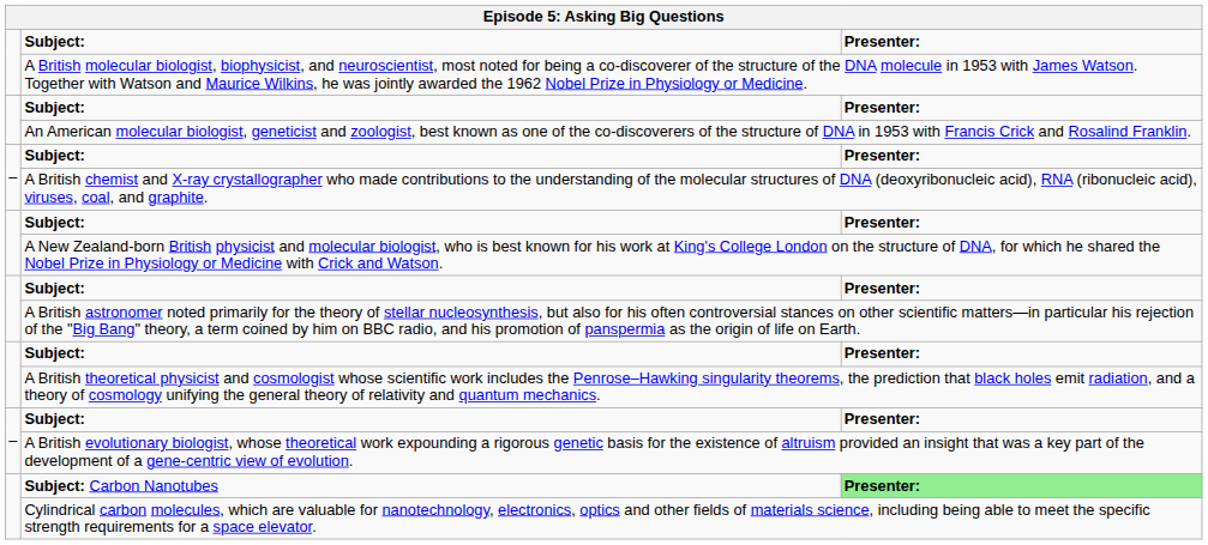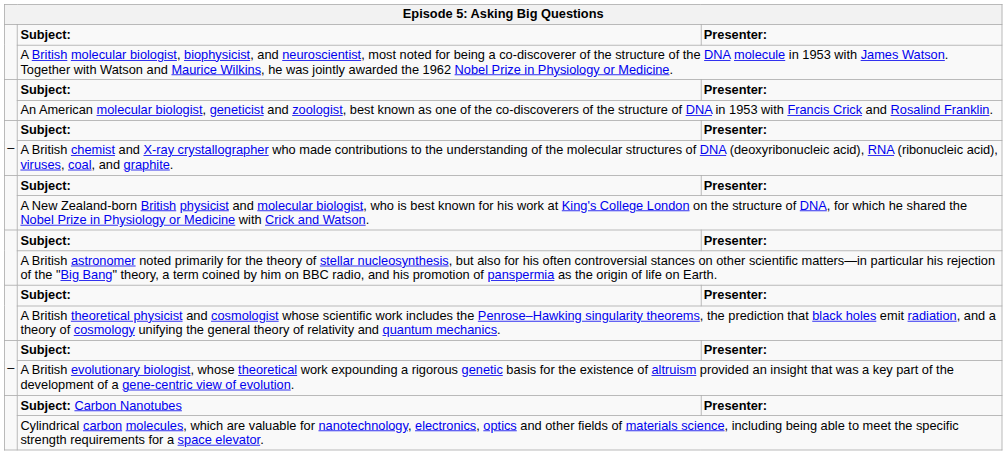 <table class="wikitable">
 <tr>
 <th colspan=3>Episode 5: Asking Big Questions</th>
 </tr>
 <tr>
 <td rowspan=2></td>
 <td><strong>Subject:</strong> </td>
 <td><strong>Presenter:</strong> </td>
 </tr>
 <tr>
 <td colspan=3>A <a href='#'>British</a> <a href='#'>molecular biologist</a>, <a href='#'>biophysicist</a>, and <a href='#'>neuroscientist</a>, most noted for being a co-discoverer of the structure of the <a href='#'>DNA</a> <a href='#'>molecule</a> in 1953 with <a href='#'>James Watson</a>. Together with Watson and <a href='#'>Maurice Wilkins</a>, he was jointly awarded the 1962 <a href='#'>Nobel Prize in Physiology or Medicine</a>.</td>
 </tr>
 <tr>
 <td rowspan=2></td>
 <td><strong>Subject:</strong> </td>
 <td><strong>Presenter:</strong> </td>
 </tr>
 <tr>
 <td colspan=3>An American <a href='#'>molecular biologist</a>, <a href='#'>geneticist</a> and <a href='#'>zoologist</a>, best known as one of the co-discoverers of the structure of <a href='#'>DNA</a> in 1953 with <a href='#'>Francis Crick</a> and <a href='#'>Rosalind Franklin</a>.</td>
 </tr>
 <tr>
 <td rowspan=2>–</td>
 <td><strong>Subject:</strong> </td>
 <td><strong>Presenter:</strong> </td>
 </tr>
 <tr>
 <td colspan=3>A British <a href='#'>chemist</a> and <a href='#'>X-ray crystallographer</a> who made contributions to the understanding of the molecular structures of <a href='#'>DNA</a> (deoxyribonucleic acid), <a href='#'>RNA</a> (ribonucleic acid), <a href='#'>viruses</a>, <a href='#'>coal</a>, and <a href='#'>graphite</a>.</td>
 </tr>
 <tr>
 <td rowspan=2></td>
 <td><strong>Subject:</strong> </td>
 <td><strong>Presenter:</strong> </td>
 </tr>
 <tr>
 <td colspan=3>A New Zealand-born <a href='#'>British</a> <a href='#'>physicist</a> and <a href='#'>molecular biologist</a>, who is best known for his work at <a href='#'>King's College London</a> on the structure of <a href='#'>DNA</a>, for which he shared the <a href='#'>Nobel Prize in Physiology or Medicine</a> with <a href='#'>Crick and Watson</a>.</td>
 </tr>
 <tr>
 <td rowspan=2></td>
 <td><strong>Subject:</strong> </td>
 <td><strong>Presenter:</strong> </td>
 </tr>
 <tr>
 <td colspan=3>A British <a href='#'>astronomer</a> noted primarily for the theory of <a href='#'>stellar nucleosynthesis</a>, but also for his often controversial stances on other scientific matters—in particular his rejection of the "<a href='#'>Big Bang</a>" theory, a term coined by him on BBC radio, and his promotion of <a href='#'>panspermia</a> as the origin of life on Earth.</td>
 </tr>
 <tr>
 <td rowspan=2></td>
 <td><strong>Subject:</strong> </td>
 <td><strong>Presenter:</strong> </td>
 </tr>
 <tr>
 <td colspan=3>A British <a href='#'>theoretical physicist</a> and <a href='#'>cosmologist</a> whose scientific work includes the <a href='#'>Penrose–Hawking singularity theorems</a>, the prediction that <a href='#'>black holes</a> emit <a href='#'>radiation</a>, and a theory of <a href='#'>cosmology</a> unifying the general theory of relativity and <a href='#'>quantum mechanics</a>.</td>
 </tr>
 <tr>
 <td rowspan=2>–</td>
 <td><strong>Subject:</strong> </td>
 <td><strong>Presenter:</strong> </td>
 </tr>
 <tr>
 <td colspan=3>A British <a href='#'>evolutionary biologist</a>, whose <a href='#'>theoretical</a> work expounding a rigorous <a href='#'>genetic</a> basis for the existence of <a href='#'>altruism</a> provided an insight that was a key part of the development of a <a href='#'>gene-centric view of evolution</a>.</td>
 </tr>
 <tr>
 <td rowspan=2></td>
 <td><strong>Subject:</strong> <a href='#'>Carbon Nanotubes</a></td>
-<td style="background: lightgreen;"><strong>Presenter:</strong> </td>
+<td><strong>Presenter:</strong> </td>
 </tr>
 <tr>
 <td colspan=3>Cylindrical <a href='#'>carbon</a> <a href='#'>molecules</a>, which are valuable for <a href='#'>nanotechnology</a>, <a href='#'>electronics</a>, <a href='#'>optics</a> and other fields of <a href='#'>materials science</a>, including being able to meet the specific strength requirements for a <a href='#'>space elevator</a>.</td>
 </tr>
 </table>
